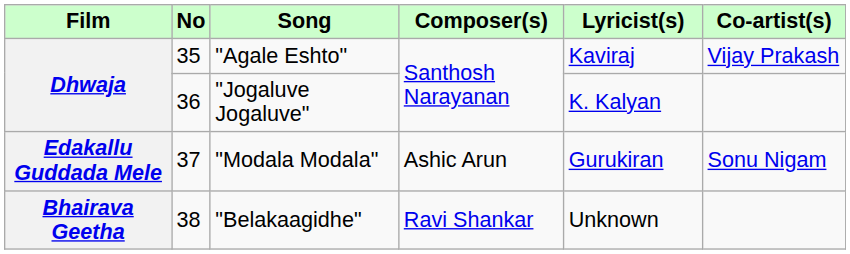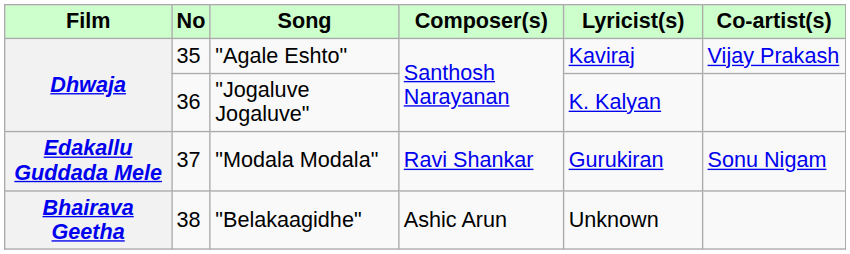 <table class="wikitable plainrowheaders" width="100%">
 <tr style="background:#cfc; text-align:center;">
 <td scope="col" width=21%><strong>Film</strong></td>
 <td><strong>No</strong></td>
 <td scope="col" width=23%><strong>Song</strong></td>
 <td scope="col" width=20%><strong>Composer(s)</strong></td>
 <td scope="col" width=17%><strong>Lyricist(s)</strong></td>
 <td scope="col" width=18%><strong>Co-artist(s)</strong></td>
 </tr>
 <tr>
 <th rowspan="2"><em><a href='#'>Dhwaja</a></em></th>
 <td>35</td>
 <td>"Agale Eshto"</td>
 <td rowspan="2"><a href='#'>Santhosh Narayanan</a></td>
 <td><a href='#'>Kaviraj</a></td>
 <td><a href='#'>Vijay Prakash</a></td>
 </tr>
 <tr>
 <td>36</td>
 <td>"Jogaluve Jogaluve"</td>
 <td><a href='#'>K. Kalyan</a></td>
 <td></td>
 </tr>
 <tr>
 <th><em><a href='#'>Edakallu Guddada Mele</a></em></th>
 <td>37</td>
 <td>"Modala Modala"</td>
-<td>Ashic Arun</td>
+<td><a href='#'>Ravi Shankar</a></td>
 <td><a href='#'>Gurukiran</a></td>
 <td><a href='#'>Sonu Nigam</a></td>
 </tr>
 <tr>
 <th><em><a href='#'>Bhairava Geetha</a></em></th>
 <td>38</td>
 <td>"Belakaagidhe"</td>
-<td><a href='#'>Ravi Shankar</a></td>
+<td>Ashic Arun</td>
 <td>Unknown</td>
 <td></td>
 </tr>
 </table>
